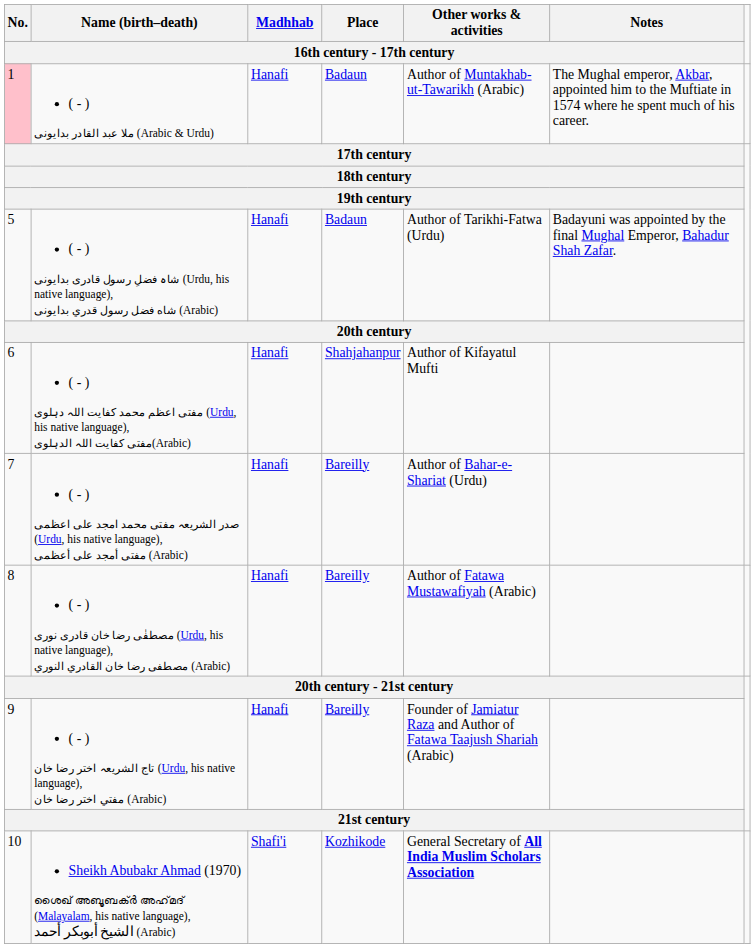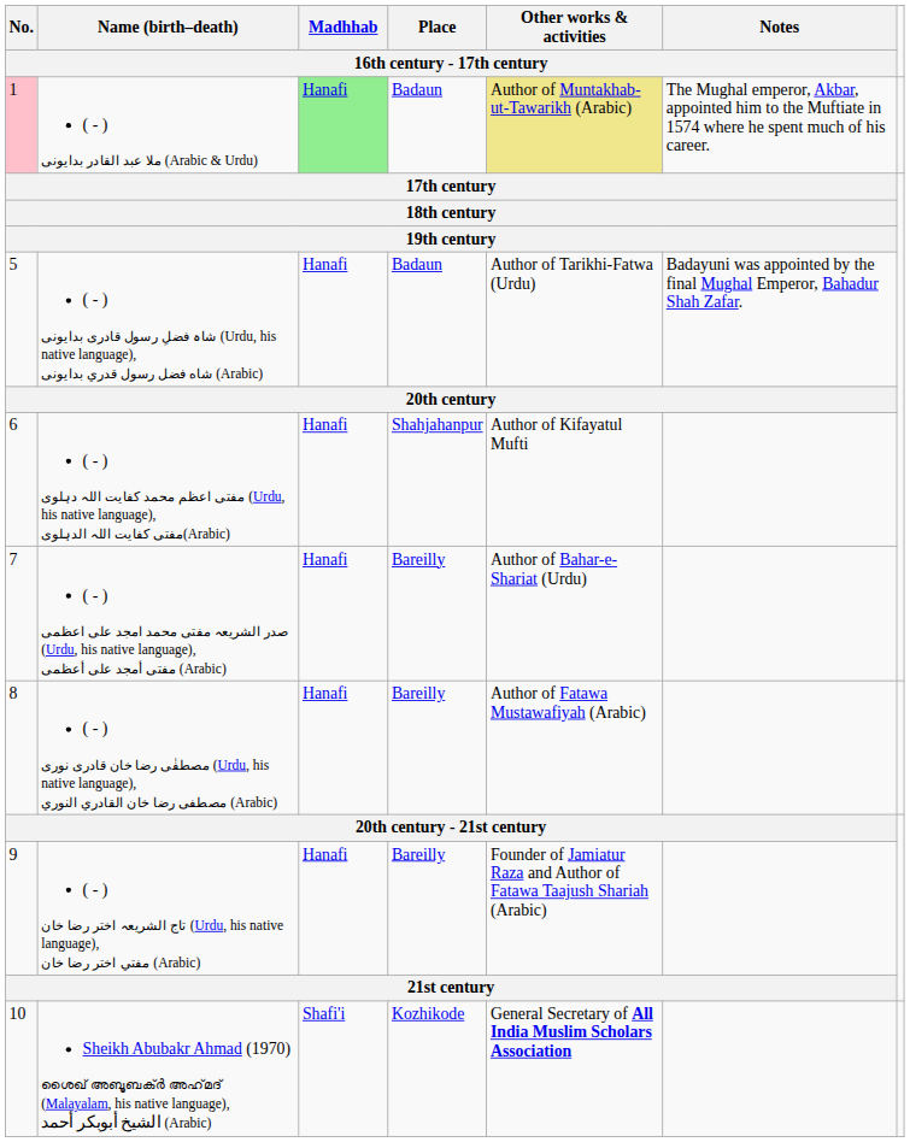 <table class="sortable wikitable">
 <tr>
 <th width="3%">No.</th>
 <th width="30%">Name (birth–death)</th>
 <th width="10%"><a href='#'>Madhhab</a></th>
 <th width="10%">Place</th>
 <th class="unsortable" width="20%">Other works & activities</th>
 <th class="unsortable" width="72%">Notes</th>
 </tr>
 <tr>
 <th colspan="6">16th century - 17th century</th>
 </tr>
 <tr valign="top">
 <td style="background: pink;">1</td>
 <td><br><ul><li> ( - )</li></ul><small>ملا عبد القادر بدایونی (Arabic & Urdu)</small></td>
-<td><a href='#'>Hanafi</a></td>
+<td style="background: lightgreen;"><a href='#'>Hanafi</a></td>
 <td><a href='#'>Badaun</a></td>
-<td>Author of <a href='#'>Muntakhab-ut-Tawarikh</a> (Arabic)</td>
+<td style="background: khaki;">Author of <a href='#'>Muntakhab-ut-Tawarikh</a> (Arabic)</td>
 <td>The Mughal emperor, <a href='#'>Akbar</a>, appointed him to the Muftiate in 1574 where he spent much of his career.</td>
 <td></td>
 </tr>
 <tr>
 <th colspan="6">17th century</th>
 </tr>
 <tr>
 <th colspan="6">18th century</th>
 </tr>
 <tr>
 <th colspan="6">19th century</th>
 </tr>
 <tr valign="top">
 <td>5</td>
 <td><br><ul><li> ( - )</li></ul><small>شاہ فضلِ رسول قادری بدایونی (Urdu, his native language), <br>شاه فضل رسول قدري بدایونی (Arabic)</small></td>
 <td><a href='#'>Hanafi</a></td>
 <td><a href='#'>Badaun</a></td>
 <td>Author of Tarikhi-Fatwa (Urdu)</td>
 <td>Badayuni was appointed by the final <a href='#'>Mughal</a> Emperor, <a href='#'>Bahadur Shah Zafar</a>.</td>
 </tr>
 <tr>
 <th colspan="6">20th century</th>
 </tr>
 <tr valign="top">
 <td>6</td>
 <td><br><ul><li> ( - )</li></ul><small>مفتی اعظم محمد کفایت اللہ دہلوی (<a href='#'>Urdu</a>, his native language), <br>مفتی کفایت اللہ الدہلوی(Arabic)</small></td>
 <td><a href='#'>Hanafi</a></td>
 <td><a href='#'>Shahjahanpur</a></td>
 <td>Author of Kifayatul Mufti</td>
 <td></td>
 </tr>
 <tr valign="top">
 <td>7</td>
 <td><br><ul><li> ( - )</li></ul><small>صدر الشريعہ مفتى محمد امجد على اعظمى (<a href='#'>Urdu</a>, his native language), <br>مفتى أمجد على أعظمى (Arabic)</small></td>
 <td><a href='#'>Hanafi</a></td>
 <td><a href='#'>Bareilly</a></td>
 <td>Author of <a href='#'>Bahar-e-Shariat</a> (Urdu)</td>
 <td></td>
 </tr>
 <tr valign="top">
 <td>8</td>
 <td><br><ul><li> ( - )</li></ul><small>مصطفٰی رضا خان قادری نوری (<a href='#'>Urdu</a>, his native language), <br>مصطفى رضا خان القادري النوري (Arabic)</small></td>
 <td><a href='#'>Hanafi</a></td>
 <td><a href='#'>Bareilly</a></td>
 <td>Author of <a href='#'>Fatawa Mustawafiyah</a> (Arabic)</td>
 <td></td>
 <td></td>
 </tr>
 <tr>
 <th colspan="6">20th century - 21st century</th>
 </tr>
 <tr valign="top">
 <td>9</td>
 <td><br><ul><li> ( - )</li></ul><small>تاج الشریعہ اختر رضا خان (<a href='#'>Urdu</a>, his native language), <br>مفتي اختر رضا خان (Arabic)</small></td>
 <td><a href='#'>Hanafi</a></td>
 <td><a href='#'>Bareilly</a></td>
 <td>Founder of <a href='#'>Jamiatur Raza</a> and Author of <a href='#'>Fatawa Taajush Shariah</a> (Arabic)</td>
 <td></td>
 </tr>
 <tr valign="top">
 <th colspan="6">21st century</th>
 </tr>
 <tr valign="top">
 <td>10</td>
 <td><br><ul><li><a href='#'>Sheikh Abubakr Ahmad</a> (1970)</li></ul><small>ശൈഖ് അബൂബക്ർ അഹ്‌മദ്‌ (<a href='#'>Malayalam</a>, his native language),<br></small> الشيخ أبوبكر أحمد <small>(Arabic)</small></td>
 <td><a href='#'>Shafi'i</a></td>
 <td><a href='#'>Kozhikode</a></td>
 <td>General Secretary of <a href='#'><strong>All India Muslim Scholars Association</strong></a></td>
 <td></td>
 <td></td>
 </tr>
 </table>
